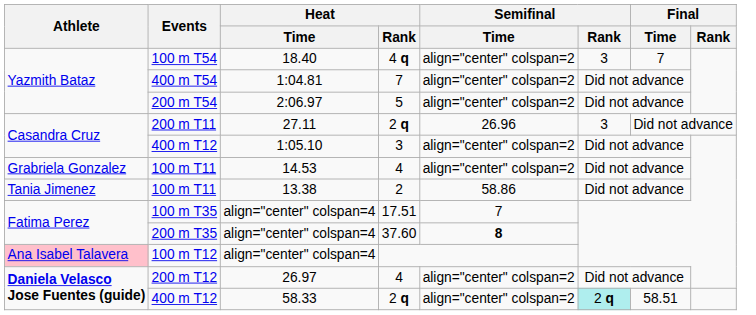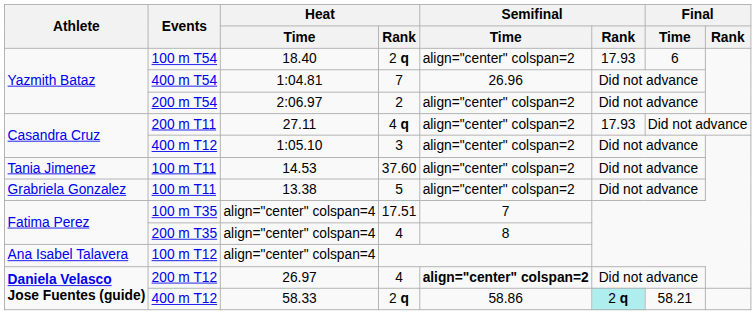 <table class=wikitable>
 <tr>
 <th rowspan="2">Athlete</th>
 <th rowspan="2">Events</th>
 <th colspan="2">Heat</th>
 <th colspan="2">Semifinal</th>
 <th colspan="2">Final</th>
 </tr>
 <tr>
 <th>Time</th>
 <th>Rank</th>
 <th>Time</th>
 <th>Rank</th>
 <th>Time</th>
 <th>Rank</th>
 </tr>
 <tr>
 <td rowspan=3><a href='#'>Yazmith Bataz</a></td>
 <td><a href='#'>100 m T54</a></td>
 <td align="center">18.40</td>
-<td align="center">4 <strong>q</strong></td>
+<td align="center">2 <strong>q</strong></td>
 <td>align="center" colspan=2 </td>
-<td align="center">3</td>
-<td align="center">7</td>
+<td align="center">17.93</td>
+<td align="center">6</td>
 </tr>
 <tr>
 <td><a href='#'>400 m T54</a></td>
 <td align="center">1:04.81</td>
 <td align="center">7</td>
-<td>align="center" colspan=2 </td>
+<td align="center">26.96</td>
 <td align="center" colspan=2>Did not advance</td>
 </tr>
 <tr>
 <td><a href='#'>200 m T54</a></td>
 <td align="center">2:06.97</td>
-<td align="center">5</td>
+<td align="center">2</td>
 <td>align="center" colspan=2 </td>
 <td align="center" colspan=2>Did not advance</td>
 </tr>
 <tr>
 <td rowspan=2><a href='#'>Casandra Cruz</a></td>
 <td><a href='#'>200 m T11</a></td>
 <td align="center">27.11</td>
-<td align="center">2 <strong>q</strong></td>
-<td align="center">26.96</td>
-<td align="center">3</td>
+<td align="center">4 <strong>q</strong></td>
+<td>align="center" colspan=2 </td>
+<td align="center">17.93</td>
 <td align="center" colspan=2>Did not advance</td>
 </tr>
 <tr>
 <td><a href='#'>400 m T12</a></td>
 <td align="center">1:05.10</td>
 <td align="center">3</td>
 <td>align="center" colspan=2 </td>
 <td align="center" colspan=2>Did not advance</td>
 </tr>
 <tr>
-<td><a href='#'>Grabriela Gonzalez</a></td>
+<td><a href='#'>Tania Jimenez</a></td>
 <td><a href='#'>100 m T11</a></td>
 <td align="center">14.53</td>
-<td align="center">4</td>
+<td align="center">37.60</td>
 <td>align="center" colspan=2 </td>
 <td align="center" colspan=2>Did not advance</td>
 </tr>
 <tr>
-<td><a href='#'>Tania Jimenez</a></td>
+<td><a href='#'>Grabriela Gonzalez</a></td>
 <td><a href='#'>100 m T11</a></td>
 <td align="center">13.38</td>
-<td align="center">2</td>
-<td align="center">58.86</td>
+<td align="center">5</td>
+<td>align="center" colspan=2 </td>
 <td align="center" colspan=2>Did not advance</td>
 </tr>
 <tr>
 <td rowspan=2><a href='#'>Fatima Perez</a></td>
 <td><a href='#'>100 m T35</a></td>
 <td>align="center" colspan=4 </td>
 <td align="center">17.51</td>
 <td align="center">7</td>
 </tr>
 <tr>
 <td><a href='#'>200 m T35</a></td>
 <td>align="center" colspan=4 </td>
-<td align="center">37.60</td>
-<td align="center"><strong>8</strong></td>
+<td align="center">4</td>
+<td align="center">8</td>
 </tr>
 <tr>
-<td style="background: pink;"><a href='#'>Ana Isabel Talavera</a></td>
+<td><a href='#'>Ana Isabel Talavera</a></td>
 <td><a href='#'>100 m T12</a></td>
 <td>align="center" colspan=4 </td>
 <td align="center" colspan=2></td>
 </tr>
 <tr>
 <td rowspan=2><strong><a href='#'>Daniela Velasco</a> <br>Jose Fuentes (guide)</strong></td>
 <td><a href='#'>200 m T12</a></td>
 <td align="center">26.97</td>
 <td align="center">4</td>
-<td>align="center" colspan=2 </td>
+<td><strong>align="center" colspan=2 </strong></td>
 <td align="center" colspan=2>Did not advance</td>
 </tr>
 <tr>
 <td><a href='#'>400 m T12</a></td>
 <td align="center">58.33</td>
 <td align="center">2 <strong>q</strong></td>
-<td>align="center" colspan=2 </td>
+<td align="center">58.86</td>
 <td align="center" style="background: paleturquoise;">2 <strong>q</strong></td>
-<td align="center">58.51</td>
+<td align="center">58.21</td>
 <td align="center"></td>
 </tr>
 </table>
